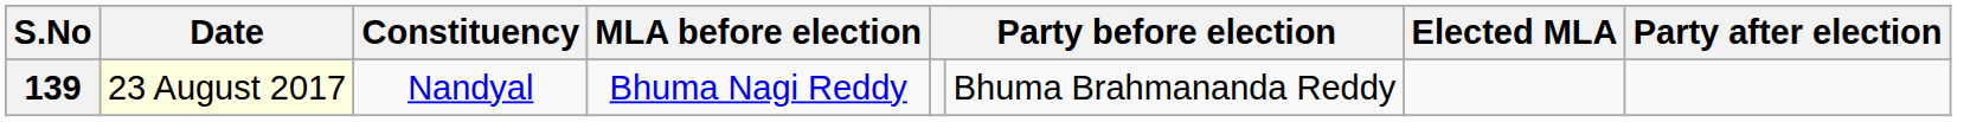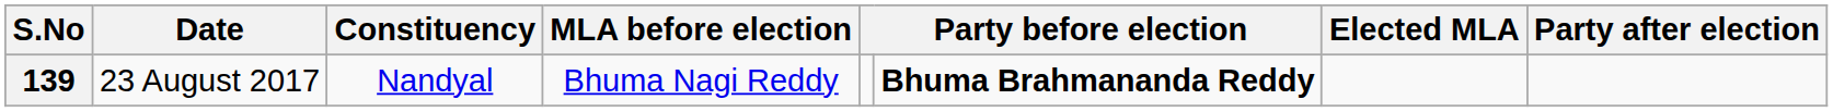 <table class="wikitable sortable" style="text-align:center;">
 <tr>
 <th>S.No</th>
 <th>Date</th>
 <th>Constituency</th>
 <th>MLA before election</th>
 <th colspan="2">Party before election</th>
 <th>Elected MLA</th>
 <th colspan="2">Party after election</th>
 </tr>
 <tr>
 <th>139</th>
-<td style="background: lightyellow;">23 August 2017</td>
+<td>23 August 2017</td>
 <td><a href='#'>Nandyal</a></td>
 <td><a href='#'>Bhuma Nagi Reddy</a></td>
 <td></td>
-<td>Bhuma Brahmananda Reddy</td>
+<td><strong>Bhuma Brahmananda Reddy</strong></td>
 <td></td>
 </tr>
 </table>
